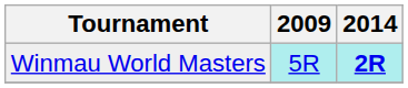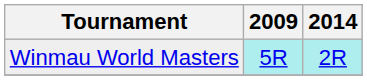 <table class="wikitable">
 <tr>
 <th>Tournament</th>
 <th>2009</th>
 <th>2014</th>
 </tr>
 <tr>
 <td style="background:#efefef;"><a href='#'>Winmau World Masters</a></td>
 <td style="text-align:center; background:#afeeee;"><a href='#'>5R</a></td>
-<td style="text-align:center; background:#afeeee;"><strong><a href='#'>2R</a></strong></td>
+<td style="text-align:center; background:#afeeee;"><a href='#'>2R</a></td>
 </tr>
 <tr>
 </tr>
 </table>
